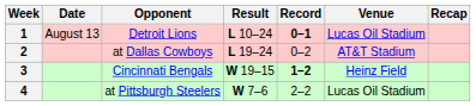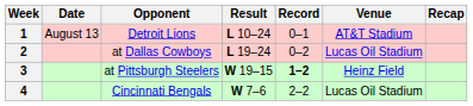 <table class="wikitable" style="text-align:center">
 <tr>
 <th>Week</th>
 <th>Date</th>
 <th>Opponent</th>
 <th>Result</th>
 <th>Record</th>
 <th>Venue</th>
 <th>Recap</th>
 </tr>
 <tr style="background:#fcc">
 <th>1</th>
 <td>August 13</td>
 <td><a href='#'>Detroit Lions</a></td>
 <td><strong>L</strong> 10–24</td>
-<td><strong>0–1</strong></td>
-<td><a href='#'>Lucas Oil Stadium</a></td>
+<td>0–1</td>
+<td><a href='#'>AT&T Stadium</a></td>
 <td></td>
 </tr>
 <tr style="background:#fcc">
 <th>2</th>
 <td></td>
 <td>at <a href='#'>Dallas Cowboys</a></td>
 <td><strong>L</strong> 19–24</td>
 <td>0–2</td>
-<td><a href='#'>AT&T Stadium</a></td>
+<td><a href='#'>Lucas Oil Stadium</a></td>
 <td></td>
 </tr>
 <tr style="background:#cfc">
 <th>3</th>
 <td></td>
-<td><a href='#'>Cincinnati Bengals</a></td>
+<td>at <a href='#'>Pittsburgh Steelers</a></td>
 <td><strong>W</strong> 19–15</td>
 <td><strong>1–2</strong></td>
 <td><a href='#'>Heinz Field</a></td>
 <td></td>
 </tr>
 <tr style="background:#cfc">
 <th>4</th>
 <td></td>
-<td>at <a href='#'>Pittsburgh Steelers</a></td>
+<td><a href='#'>Cincinnati Bengals</a></td>
 <td><strong>W</strong> 7–6</td>
 <td>2–2</td>
 <td>Lucas Oil Stadium</td>
 <td></td>
 </tr>
 </table>
